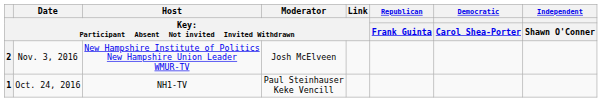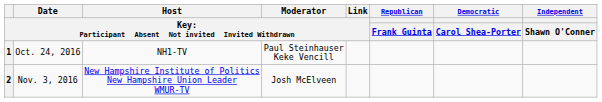 <table class="wikitable" style="text-align:center;">
 <tr>
 <th scope="col"></th>
 <th scope="col">Date</th>
 <th scope="col">Host</th>
 <th scope="col">Moderator</th>
 <th scope="col">Link</th>
 <th scope="col"><small><a href='#'>Republican</a></small></th>
 <th scope="col"><small><a href='#'>Democratic</a></small></th>
 <th scope="col"><small><a href='#'>Independent</a></small></th>
 </tr>
 <tr>
 <th colspan="5" rowspan="2">Key:<br> <small>Participant </small>  <small>Absent </small>  <small>Not invited </small>  <small>Invited  Withdrawn</small></th>
 <th scope="col" style="background:"></th>
 <th scope="col" style="background:"></th>
 <th scope="col" style="background:"></th>
 </tr>
 <tr>
 <th scope="col"><a href='#'>Frank Guinta</a></th>
 <th scope="col"><a href='#'>Carol Shea-Porter</a></th>
 <th scope="col">Shawn O'Conner</th>
 </tr>
 <tr>
+<th>1</th>
+<td style="white-space:nowrap;">Oct. 24, 2016</td>
+<td style="white-space:nowrap;">NH1-TV</td>
+<td style="white-space:nowrap;">Paul Steinhauser<br>Keke Vencill</td>
+<td style="white-space:nowrap;"></td>
+<td></td>
+<td></td>
+<td></td>
+</tr>
+<tr>
 <th>2</th>
 <td style="white-space:nowrap;">Nov. 3, 2016</td>
 <td style="white-space:nowrap;"><a href='#'>New Hampshire Institute of Politics</a><br><a href='#'>New Hampshire Union Leader</a><br><a href='#'>WMUR-TV</a></td>
 <td style="white-space:nowrap;">Josh McElveen</td>
 <td style="white-space:nowrap;"></td>
 <td></td>
 <td></td>
 <td></td>
 </tr>
-<tr>
-<th>1</th>
-<td style="white-space:nowrap;">Oct. 24, 2016</td>
-<td style="white-space:nowrap;">NH1-TV</td>
-<td style="white-space:nowrap;">Paul Steinhauser<br>Keke Vencill</td>
-<td style="white-space:nowrap;"></td>
-<td></td>
-<td></td>
-<td></td>
-</tr>
 </table>
